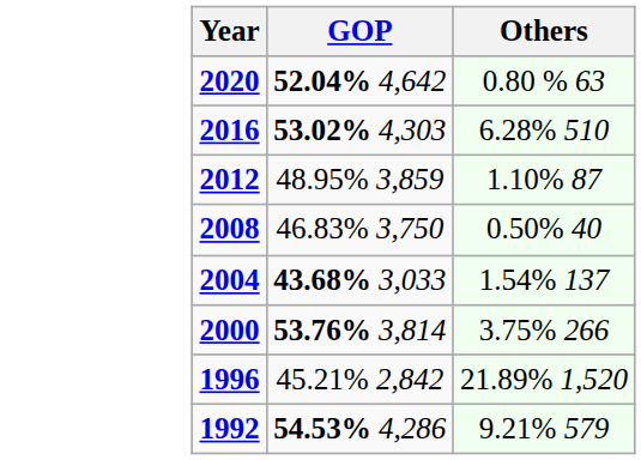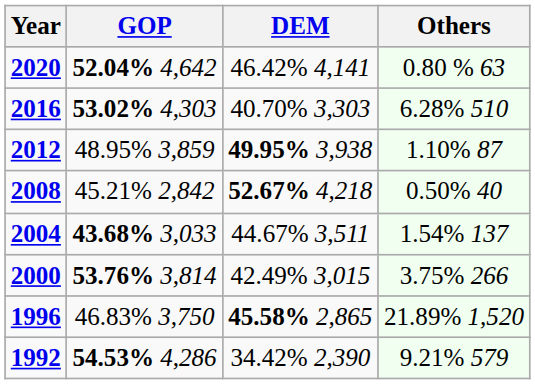 <table class="wikitable" class="toccolours" style="float:right; margin:1em 0 1em 1em; font-size:95%;">
 <tr>
 <th>Year</th>
 <th><a href='#'>GOP</a></th>
+<th><a href='#'>DEM</a></th>
 <th>Others</th>
 </tr>
 <tr>
 <td style="text-align:center; "><strong><a href='#'>2020</a></strong></td>
 <td style="text-align:center; "><strong>52.04%</strong> <em>4,642</em></td>
+<td style="text-align:center; ">46.42% <em>4,141</em></td>
 <td style="text-align:center; background:honeyDew;">0.80	% <em>63</em></td>
 </tr>
 <tr>
 <td style="text-align:center; "><strong><a href='#'>2016</a></strong></td>
 <td style="text-align:center; "><strong>53.02%</strong> <em>4,303</em></td>
+<td style="text-align:center; ">40.70% <em>3,303</em></td>
 <td style="text-align:center; background:honeyDew;">6.28% <em>510</em></td>
 </tr>
 <tr>
 <td style="text-align:center; "><strong><a href='#'>2012</a></strong></td>
 <td style="text-align:center; ">48.95% <em>3,859</em></td>
+<td style="text-align:center; "><strong>49.95%</strong> <em>3,938</em></td>
 <td style="text-align:center; background:honeyDew;">1.10% <em>87</em></td>
 </tr>
 <tr>
 <td style="text-align:center; "><strong><a href='#'>2008</a></strong></td>
-<td style="text-align:center; ">46.83% <em>3,750</em></td>
+<td style="text-align:center; ">45.21% <em>2,842</em></td>
+<td style="text-align:center; "><strong>52.67%</strong> <em>4,218</em></td>
 <td style="text-align:center; background:honeyDew;">0.50% <em>40</em></td>
 </tr>
 <tr>
 <td style="text-align:center; "><strong><a href='#'>2004</a></strong></td>
 <td style="text-align:center; "><strong>43.68%</strong> <em>3,033</em></td>
+<td style="text-align:center; ">44.67% <em>3,511</em></td>
 <td style="text-align:center; background:honeyDew;">1.54% <em>137</em></td>
 </tr>
 <tr>
 <td style="text-align:center; "><strong><a href='#'>2000</a></strong></td>
 <td style="text-align:center; "><strong>53.76%</strong> <em>3,814</em></td>
+<td style="text-align:center; ">42.49% <em>3,015</em></td>
 <td style="text-align:center; background:honeyDew;">3.75% <em>266</em></td>
 </tr>
 <tr>
 <td style="text-align:center; "><strong><a href='#'>1996</a></strong></td>
-<td style="text-align:center; ">45.21% <em>2,842</em></td>
+<td style="text-align:center; ">46.83% <em>3,750</em></td>
+<td style="text-align:center; "><strong>45.58%</strong> <em>2,865</em></td>
 <td style="text-align:center; background:honeyDew;">21.89% <em>1,520</em></td>
 </tr>
 <tr>
 <td style="text-align:center; "><strong><a href='#'>1992</a></strong></td>
 <td style="text-align:center; "><strong>54.53%</strong> <em>4,286</em></td>
+<td style="text-align:center; ">34.42% <em>2,390</em></td>
 <td style="text-align:center; background:honeyDew;">9.21% <em>579</em></td>
 </tr>
 </table>
